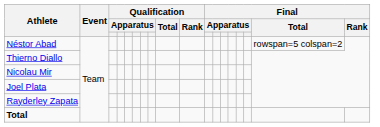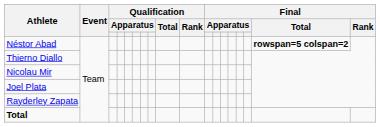 <table class="wikitable" style="font-size:90%">
 <tr>
 <th rowspan=3>Athlete</th>
 <th rowspan=3>Event</th>
 <th colspan =8>Qualification</th>
 <th colspan =8>Final</th>
 </tr>
 <tr style="font-size:95%">
 <th colspan=6>Apparatus</th>
 <th rowspan=2>Total</th>
 <th rowspan=2>Rank</th>
 <th colspan=6>Apparatus</th>
 <th rowspan=2>Total</th>
 <th rowspan=2>Rank</th>
 </tr>
 <tr style="font-size:95%">
 <th></th>
 <th></th>
 <th></th>
 <th></th>
 <th></th>
 <th></th>
 <th></th>
 <th></th>
 <th></th>
 <th></th>
 <th></th>
 <th></th>
 </tr>
 <tr align=center>
 <td align=left><a href='#'>Néstor Abad</a></td>
 <td align=left rowspan=6>Team</td>
 <td></td>
 <td></td>
 <td></td>
 <td></td>
 <td></td>
 <td></td>
 <td></td>
 <td></td>
 <td></td>
 <td></td>
 <td></td>
 <td></td>
 <td></td>
 <td></td>
-<td>rowspan=5 colspan=2</td>
+<td><strong>rowspan=5 colspan=2</strong></td>
 </tr>
 <tr align=center>
 <td align=left><a href='#'>Thierno Diallo</a></td>
 <td></td>
 <td></td>
 <td></td>
 <td></td>
 <td></td>
 <td></td>
 <td></td>
 <td></td>
 <td></td>
 <td></td>
 <td></td>
 <td></td>
 <td></td>
 <td></td>
 </tr>
 <tr align=center>
 <td align=left><a href='#'>Nicolau Mir</a></td>
 <td></td>
 <td></td>
 <td></td>
 <td></td>
 <td></td>
 <td></td>
 <td></td>
 <td></td>
 <td></td>
 <td></td>
 <td></td>
 <td></td>
 <td></td>
 <td></td>
 </tr>
 <tr align=center>
 <td align=left><a href='#'>Joel Plata</a></td>
 <td></td>
 <td></td>
 <td></td>
 <td></td>
 <td></td>
 <td></td>
 <td></td>
 <td></td>
 <td></td>
 <td></td>
 <td></td>
 <td></td>
 <td></td>
 <td></td>
 </tr>
 <tr align=center>
 <td align=left><a href='#'>Rayderley Zapata</a></td>
 <td></td>
 <td></td>
 <td></td>
 <td></td>
 <td></td>
 <td></td>
 <td></td>
 <td></td>
 <td></td>
 <td></td>
 <td></td>
 <td></td>
 <td></td>
 <td></td>
 </tr>
 <tr align=center>
 <td align=left><strong>Total</strong></td>
 <td></td>
 <td></td>
 <td></td>
 <td></td>
 <td></td>
 <td></td>
 <td></td>
 <td></td>
 <td></td>
 <td></td>
 <td></td>
 <td></td>
 <td></td>
 <td></td>
 <td></td>
 <td></td>
 </tr>
 </table>
